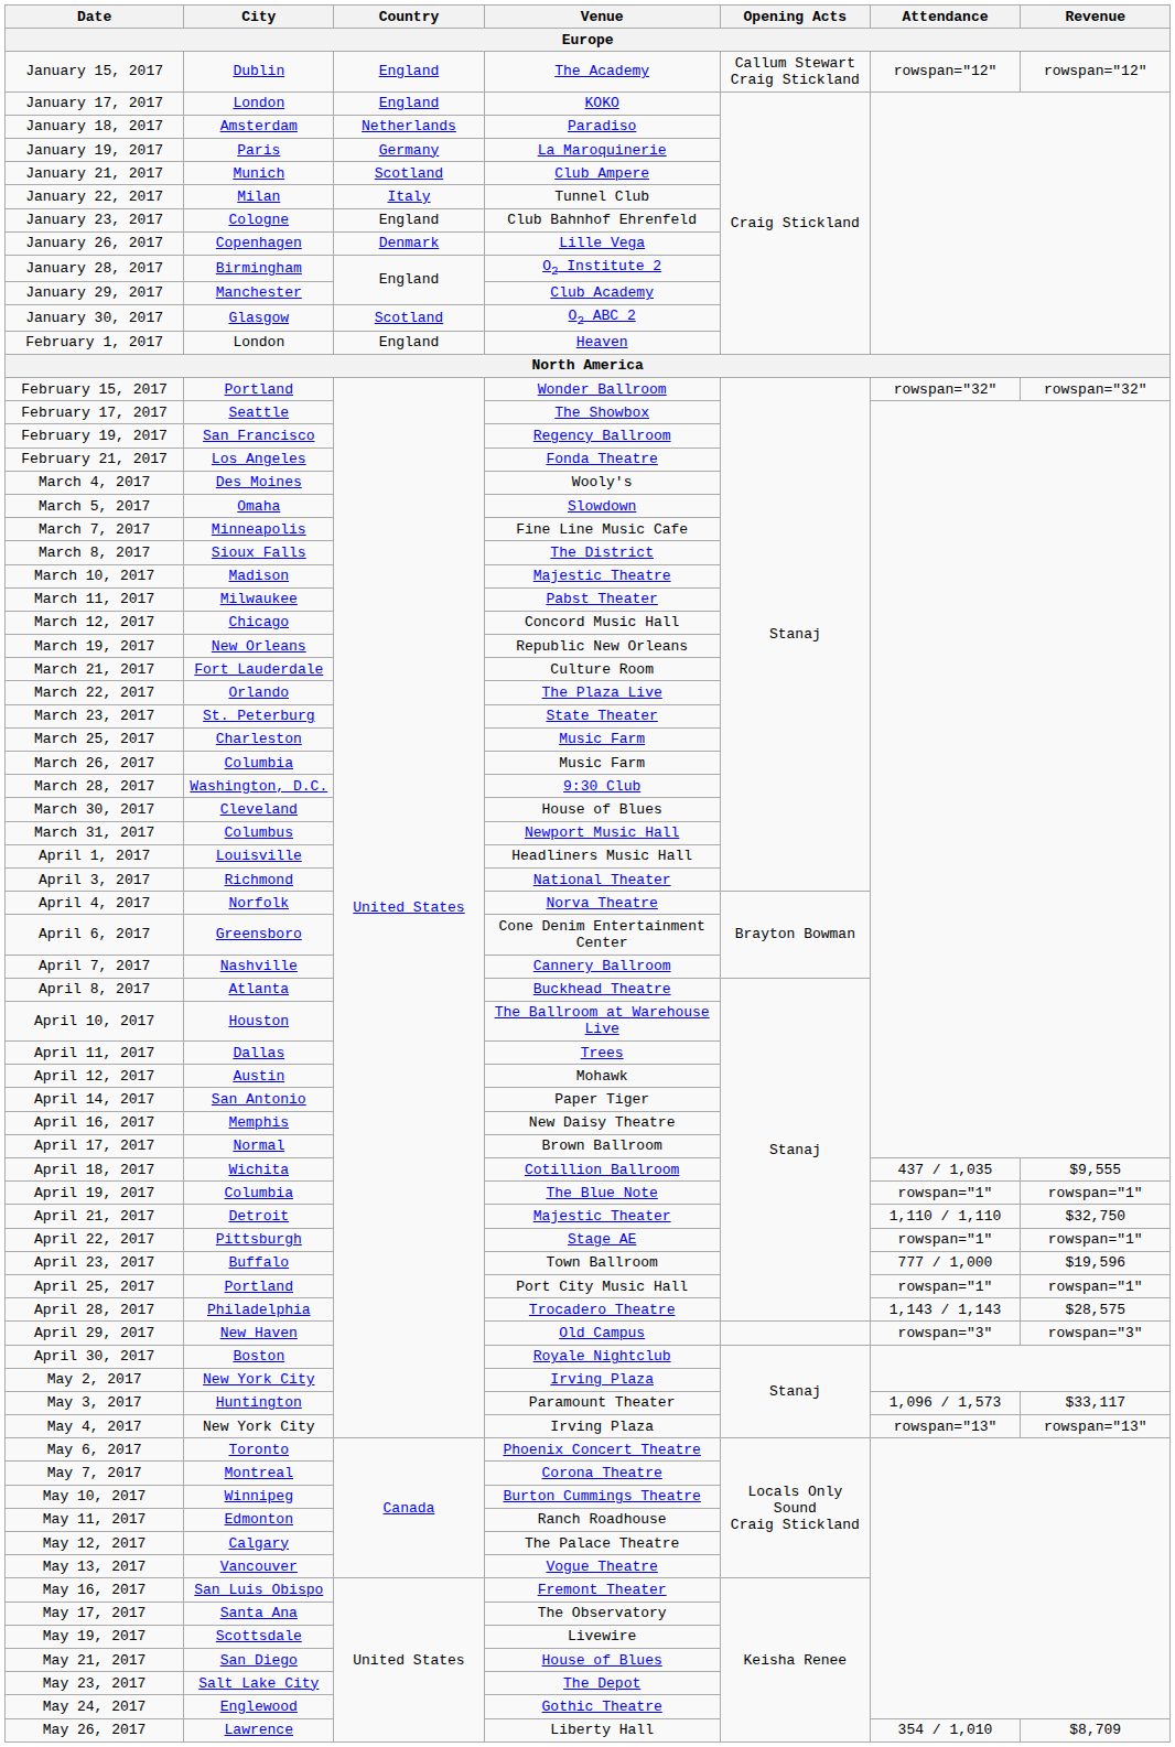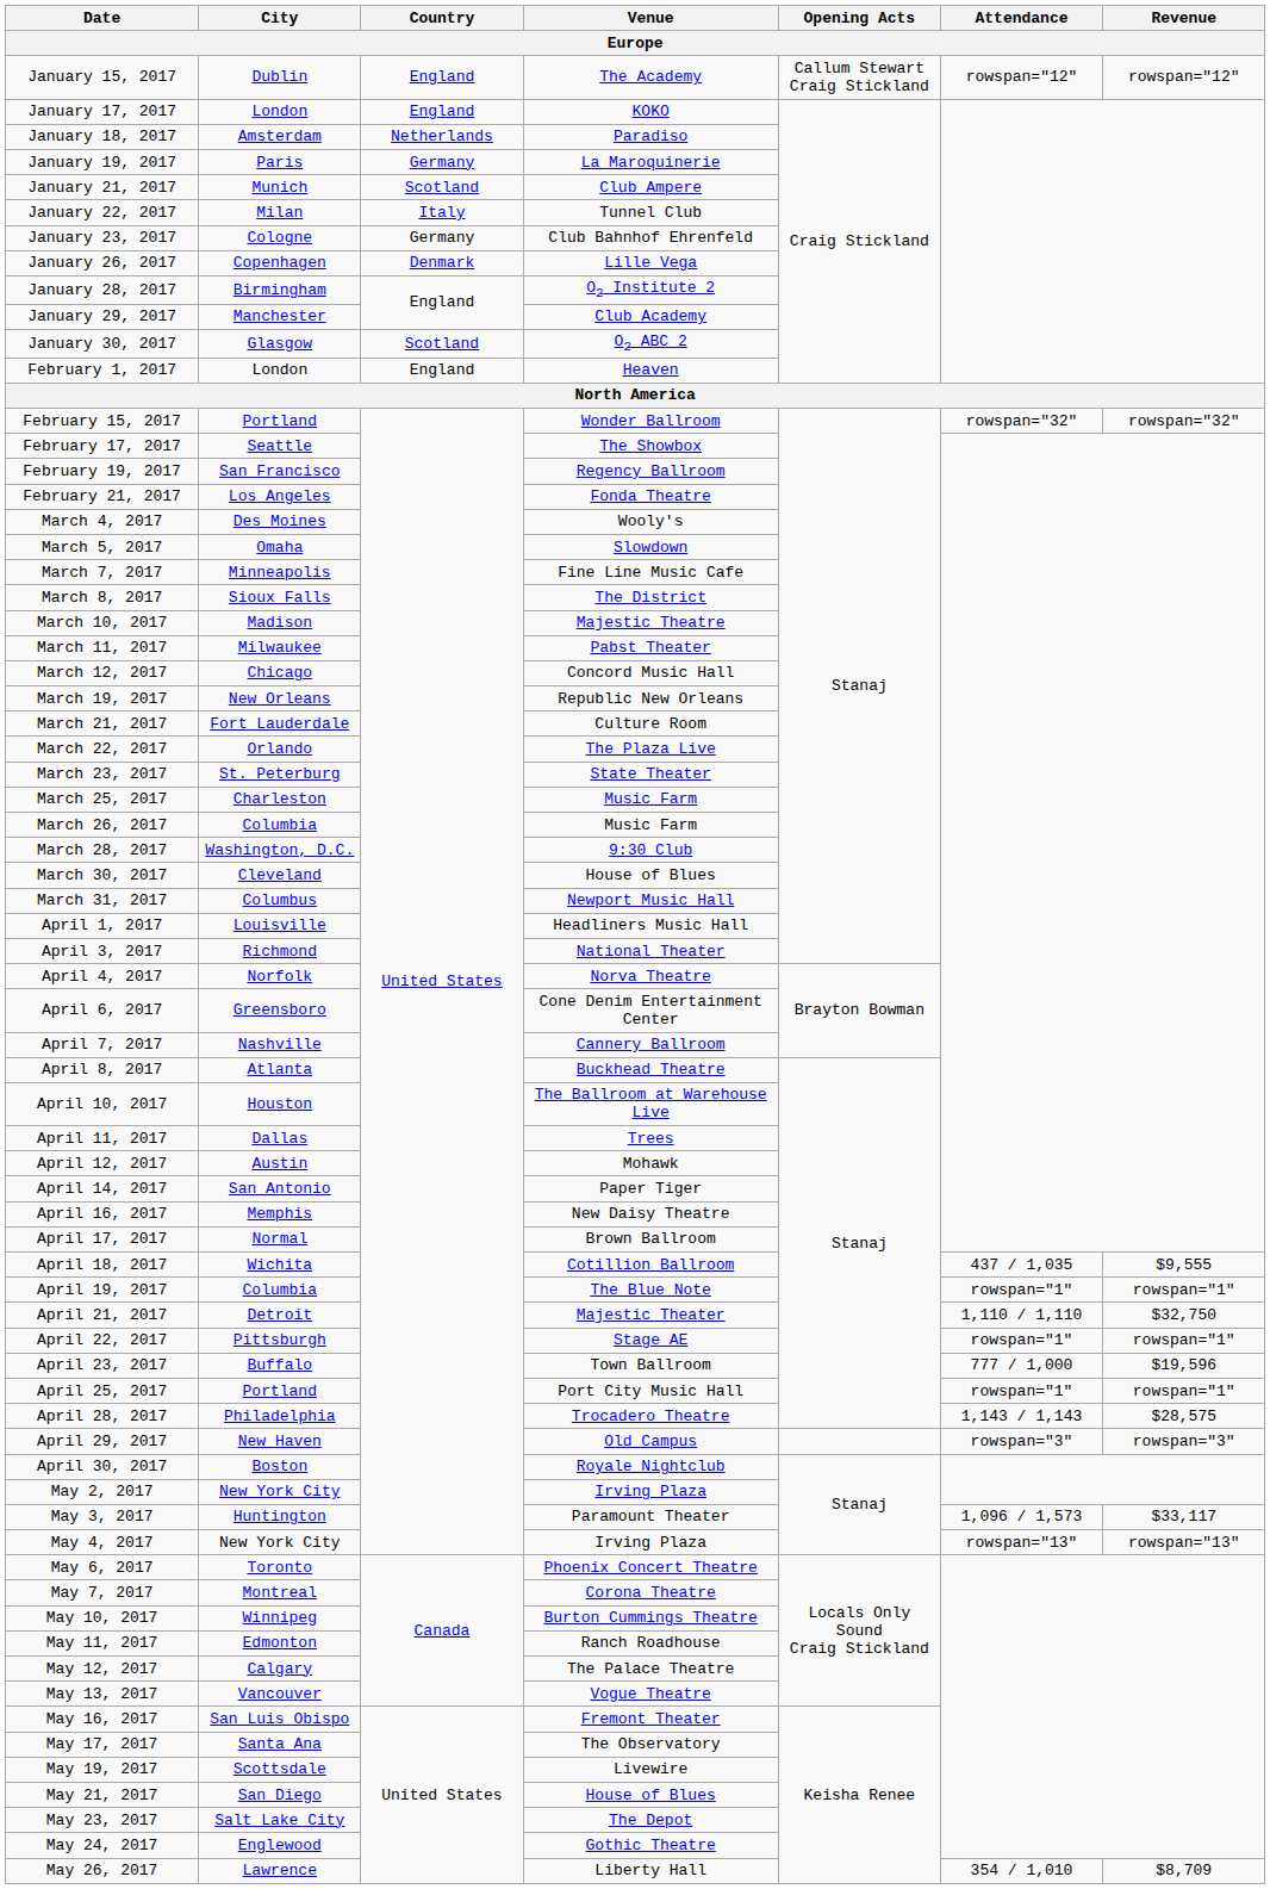 <table class="wikitable" style="text-align:center;">
 <tr>
 <th scope="col" style="width:12em;">Date</th>
 <th scope="col" style="width:10em;">City</th>
 <th scope="col" style="width:10em;">Country</th>
 <th scope="col" style="width:16em;">Venue</th>
 <th scope="col" style="width:10em;">Opening Acts</th>
 <th scope="col" style="width:10em;">Attendance</th>
 <th scope="col" style="width:10em;">Revenue</th>
 </tr>
 <tr>
 <th colspan="7">Europe</th>
 </tr>
 <tr>
 <td>January 15, 2017</td>
 <td><a href='#'>Dublin</a></td>
 <td><a href='#'>England</a></td>
 <td><a href='#'>The Academy</a></td>
 <td rowspan="1">Callum Stewart<br>Craig Stickland</td>
 <td>rowspan="12" </td>
 <td>rowspan="12" </td>
 </tr>
 <tr>
 <td>January 17, 2017</td>
 <td><a href='#'>London</a></td>
 <td><a href='#'>England</a></td>
 <td><a href='#'>KOKO</a></td>
 <td rowspan="11">Craig Stickland</td>
 </tr>
 <tr>
 <td>January 18, 2017</td>
 <td><a href='#'>Amsterdam</a></td>
 <td><a href='#'>Netherlands</a></td>
 <td><a href='#'>Paradiso</a></td>
 </tr>
 <tr>
 <td>January 19, 2017</td>
 <td><a href='#'>Paris</a></td>
 <td><a href='#'>Germany</a></td>
 <td><a href='#'>La Maroquinerie</a></td>
 </tr>
 <tr>
 <td>January 21, 2017</td>
 <td><a href='#'>Munich</a></td>
 <td><a href='#'>Scotland</a></td>
 <td><a href='#'>Club Ampere</a></td>
 </tr>
 <tr>
 <td>January 22, 2017</td>
 <td><a href='#'>Milan</a></td>
 <td><a href='#'>Italy</a></td>
 <td>Tunnel Club</td>
 </tr>
 <tr>
 <td>January 23, 2017</td>
 <td><a href='#'>Cologne</a></td>
-<td>England</td>
+<td>Germany</td>
 <td>Club Bahnhof Ehrenfeld</td>
 </tr>
 <tr>
 <td>January 26, 2017</td>
 <td><a href='#'>Copenhagen</a></td>
 <td><a href='#'>Denmark</a></td>
 <td><a href='#'>Lille Vega</a></td>
 </tr>
 <tr>
 <td>January 28, 2017</td>
 <td><a href='#'>Birmingham</a></td>
 <td rowspan="2">England</td>
 <td><a href='#'>O<sub>2</sub> Institute 2</a></td>
 </tr>
 <tr>
 <td>January 29, 2017</td>
 <td><a href='#'>Manchester</a></td>
 <td><a href='#'>Club Academy</a></td>
 </tr>
 <tr>
 <td>January 30, 2017</td>
 <td><a href='#'>Glasgow</a></td>
 <td><a href='#'>Scotland</a></td>
 <td><a href='#'>O<sub>2</sub> ABC 2</a></td>
 </tr>
 <tr>
 <td>February 1, 2017</td>
 <td>London</td>
 <td>England</td>
 <td><a href='#'>Heaven</a></td>
 </tr>
 <tr>
 <th colspan="7">North America</th>
 </tr>
 <tr>
 <td>February 15, 2017</td>
 <td><a href='#'>Portland</a></td>
 <td rowspan="44"><a href='#'>United States</a></td>
 <td><a href='#'>Wonder Ballroom</a></td>
 <td rowspan="22">Stanaj</td>
 <td>rowspan="32" </td>
 <td>rowspan="32" </td>
 </tr>
 <tr>
 <td>February 17, 2017</td>
 <td><a href='#'>Seattle</a></td>
 <td><a href='#'>The Showbox</a></td>
 </tr>
 <tr>
 <td>February 19, 2017</td>
 <td><a href='#'>San Francisco</a></td>
 <td><a href='#'>Regency Ballroom</a></td>
 </tr>
 <tr>
 <td>February 21, 2017</td>
 <td><a href='#'>Los Angeles</a></td>
 <td><a href='#'>Fonda Theatre</a></td>
 </tr>
 <tr>
 <td>March 4, 2017</td>
 <td><a href='#'>Des Moines</a></td>
 <td>Wooly's</td>
 </tr>
 <tr>
 <td>March 5, 2017</td>
 <td><a href='#'>Omaha</a></td>
 <td><a href='#'>Slowdown</a></td>
 </tr>
 <tr>
 <td>March 7, 2017</td>
 <td><a href='#'>Minneapolis</a></td>
 <td>Fine Line Music Cafe</td>
 </tr>
 <tr>
 <td>March 8, 2017</td>
 <td><a href='#'>Sioux Falls</a></td>
 <td><a href='#'>The District</a></td>
 </tr>
 <tr>
 <td>March 10, 2017</td>
 <td><a href='#'>Madison</a></td>
 <td><a href='#'>Majestic Theatre</a></td>
 </tr>
 <tr>
 <td>March 11, 2017</td>
 <td><a href='#'>Milwaukee</a></td>
 <td><a href='#'>Pabst Theater</a></td>
 </tr>
 <tr>
 <td>March 12, 2017</td>
 <td><a href='#'>Chicago</a></td>
 <td>Concord Music Hall</td>
 </tr>
 <tr>
 <td>March 19, 2017</td>
 <td><a href='#'>New Orleans</a></td>
 <td>Republic New Orleans</td>
 </tr>
 <tr>
 <td>March 21, 2017</td>
 <td><a href='#'>Fort Lauderdale</a></td>
 <td>Culture Room</td>
 </tr>
 <tr>
 <td>March 22, 2017</td>
 <td><a href='#'>Orlando</a></td>
 <td><a href='#'>The Plaza Live</a></td>
 </tr>
 <tr>
 <td>March 23, 2017</td>
 <td><a href='#'>St. Peterburg</a></td>
 <td><a href='#'>State Theater</a></td>
 </tr>
 <tr>
 <td>March 25, 2017</td>
 <td><a href='#'>Charleston</a></td>
 <td><a href='#'>Music Farm</a></td>
 </tr>
 <tr>
 <td>March 26, 2017</td>
 <td><a href='#'>Columbia</a></td>
 <td>Music Farm</td>
 </tr>
 <tr>
 <td>March 28, 2017</td>
 <td><a href='#'>Washington, D.C.</a></td>
 <td><a href='#'>9:30 Club</a></td>
 </tr>
 <tr>
 <td>March 30, 2017</td>
 <td><a href='#'>Cleveland</a></td>
 <td>House of Blues</td>
 </tr>
 <tr>
 <td>March 31, 2017</td>
 <td><a href='#'>Columbus</a></td>
 <td><a href='#'>Newport Music Hall</a></td>
 </tr>
 <tr>
 <td>April 1, 2017</td>
 <td><a href='#'>Louisville</a></td>
 <td>Headliners Music Hall</td>
 </tr>
 <tr>
 <td>April 3, 2017</td>
 <td><a href='#'>Richmond</a></td>
 <td><a href='#'>National Theater</a></td>
 </tr>
 <tr>
 <td>April 4, 2017</td>
 <td><a href='#'>Norfolk</a></td>
 <td><a href='#'>Norva Theatre</a></td>
 <td rowspan="3">Brayton Bowman</td>
 </tr>
 <tr>
 <td>April 6, 2017</td>
 <td><a href='#'>Greensboro</a></td>
 <td>Cone Denim Entertainment Center</td>
 </tr>
 <tr>
 <td>April 7, 2017</td>
 <td><a href='#'>Nashville</a></td>
 <td><a href='#'>Cannery Ballroom</a></td>
 </tr>
 <tr>
 <td>April 8, 2017</td>
 <td><a href='#'>Atlanta</a></td>
 <td><a href='#'>Buckhead Theatre</a></td>
 <td rowspan="14">Stanaj</td>
 </tr>
 <tr>
 <td>April 10, 2017</td>
 <td><a href='#'>Houston</a></td>
 <td><a href='#'>The Ballroom at Warehouse Live</a></td>
 </tr>
 <tr>
 <td>April 11, 2017</td>
 <td><a href='#'>Dallas</a></td>
 <td><a href='#'>Trees</a></td>
 </tr>
 <tr>
 <td>April 12, 2017</td>
 <td><a href='#'>Austin</a></td>
 <td>Mohawk</td>
 </tr>
 <tr>
 <td>April 14, 2017</td>
 <td><a href='#'>San Antonio</a></td>
 <td>Paper Tiger</td>
 </tr>
 <tr>
 <td>April 16, 2017</td>
 <td><a href='#'>Memphis</a></td>
 <td>New Daisy Theatre</td>
 </tr>
 <tr>
 <td>April 17, 2017</td>
 <td><a href='#'>Normal</a></td>
 <td>Brown Ballroom</td>
 </tr>
 <tr>
 <td>April 18, 2017</td>
 <td><a href='#'>Wichita</a></td>
 <td><a href='#'>Cotillion Ballroom</a></td>
 <td>437 / 1,035</td>
 <td>$9,555</td>
 </tr>
 <tr>
 <td>April 19, 2017</td>
 <td><a href='#'>Columbia</a></td>
 <td><a href='#'>The Blue Note</a></td>
 <td>rowspan="1" </td>
 <td>rowspan="1" </td>
 </tr>
 <tr>
 <td>April 21, 2017</td>
 <td><a href='#'>Detroit</a></td>
 <td><a href='#'>Majestic Theater</a></td>
 <td>1,110 / 1,110</td>
 <td>$32,750</td>
 </tr>
 <tr>
 <td>April 22, 2017</td>
 <td><a href='#'>Pittsburgh</a></td>
 <td><a href='#'>Stage AE</a></td>
 <td>rowspan="1" </td>
 <td>rowspan="1" </td>
 </tr>
 <tr>
 <td>April 23, 2017</td>
 <td><a href='#'>Buffalo</a></td>
 <td>Town Ballroom</td>
 <td>777 / 1,000</td>
 <td>$19,596</td>
 </tr>
 <tr>
 <td>April 25, 2017</td>
 <td><a href='#'>Portland</a></td>
 <td>Port City Music Hall</td>
 <td>rowspan="1" </td>
 <td>rowspan="1" </td>
 </tr>
 <tr>
 <td>April 28, 2017</td>
 <td><a href='#'>Philadelphia</a></td>
 <td><a href='#'>Trocadero Theatre</a></td>
 <td>1,143 / 1,143</td>
 <td>$28,575</td>
 </tr>
 <tr>
 <td>April 29, 2017</td>
 <td><a href='#'>New Haven</a></td>
 <td><a href='#'>Old Campus</a></td>
 <td></td>
 <td>rowspan="3" </td>
 <td>rowspan="3" </td>
 </tr>
 <tr>
 <td>April 30, 2017</td>
 <td><a href='#'>Boston</a></td>
 <td><a href='#'>Royale Nightclub</a></td>
 <td rowspan="4">Stanaj</td>
 </tr>
 <tr>
 <td>May 2, 2017</td>
 <td><a href='#'>New York City</a></td>
 <td><a href='#'>Irving Plaza</a></td>
 </tr>
 <tr>
 <td>May 3, 2017</td>
 <td><a href='#'>Huntington</a></td>
 <td>Paramount Theater</td>
 <td>1,096 / 1,573</td>
 <td>$33,117</td>
 </tr>
 <tr>
 <td>May 4, 2017</td>
 <td>New York City</td>
 <td>Irving Plaza</td>
 <td>rowspan="13" </td>
 <td>rowspan="13" </td>
 </tr>
 <tr>
 <td>May 6, 2017</td>
 <td><a href='#'>Toronto</a></td>
 <td rowspan="6"><a href='#'>Canada</a></td>
 <td><a href='#'>Phoenix Concert Theatre</a></td>
 <td rowspan="6">Locals Only Sound <br> Craig Stickland</td>
 </tr>
 <tr>
 <td>May 7, 2017</td>
 <td><a href='#'>Montreal</a></td>
 <td><a href='#'>Corona Theatre</a></td>
 </tr>
 <tr>
 <td>May 10, 2017</td>
 <td><a href='#'>Winnipeg</a></td>
 <td><a href='#'>Burton Cummings Theatre</a></td>
 </tr>
 <tr>
 <td>May 11, 2017</td>
 <td><a href='#'>Edmonton</a></td>
 <td>Ranch Roadhouse</td>
 </tr>
 <tr>
 <td>May 12, 2017</td>
 <td><a href='#'>Calgary</a></td>
 <td>The Palace Theatre</td>
 </tr>
 <tr>
 <td>May 13, 2017</td>
 <td><a href='#'>Vancouver</a></td>
 <td><a href='#'>Vogue Theatre</a></td>
 </tr>
 <tr>
 <td>May 16, 2017</td>
 <td><a href='#'>San Luis Obispo</a></td>
 <td rowspan="7">United States</td>
 <td><a href='#'>Fremont Theater</a></td>
 <td rowspan="7">Keisha Renee</td>
 </tr>
 <tr>
 <td>May 17, 2017</td>
 <td><a href='#'>Santa Ana</a></td>
 <td>The Observatory</td>
 </tr>
 <tr>
 <td>May 19, 2017</td>
 <td><a href='#'>Scottsdale</a></td>
 <td>Livewire</td>
 </tr>
 <tr>
 <td>May 21, 2017</td>
 <td><a href='#'>San Diego</a></td>
 <td><a href='#'>House of Blues</a></td>
 </tr>
 <tr>
 <td>May 23, 2017</td>
 <td><a href='#'>Salt Lake City</a></td>
 <td><a href='#'>The Depot</a></td>
 </tr>
 <tr>
 <td>May 24, 2017</td>
 <td><a href='#'>Englewood</a></td>
 <td><a href='#'>Gothic Theatre</a></td>
 </tr>
 <tr>
 <td>May 26, 2017</td>
 <td><a href='#'>Lawrence</a></td>
 <td>Liberty Hall</td>
 <td>354 / 1,010</td>
 <td>$8,709</td>
 </tr>
 <tr>
 </tr>
 </table>
